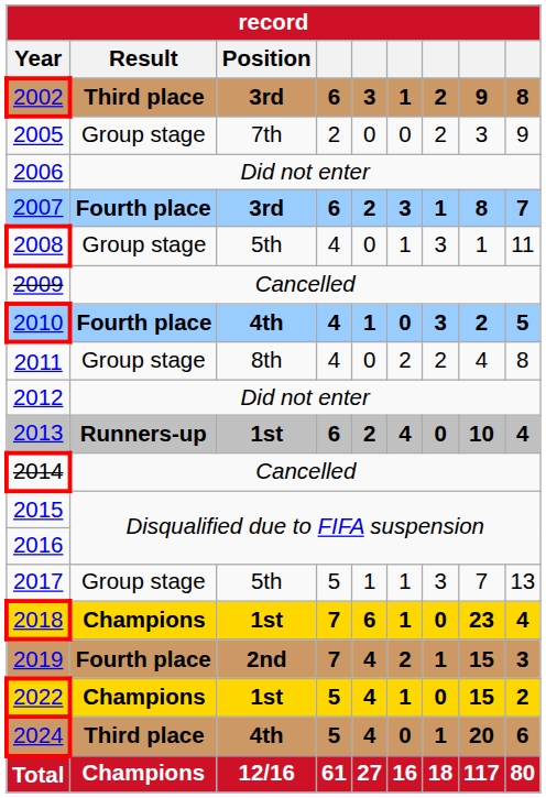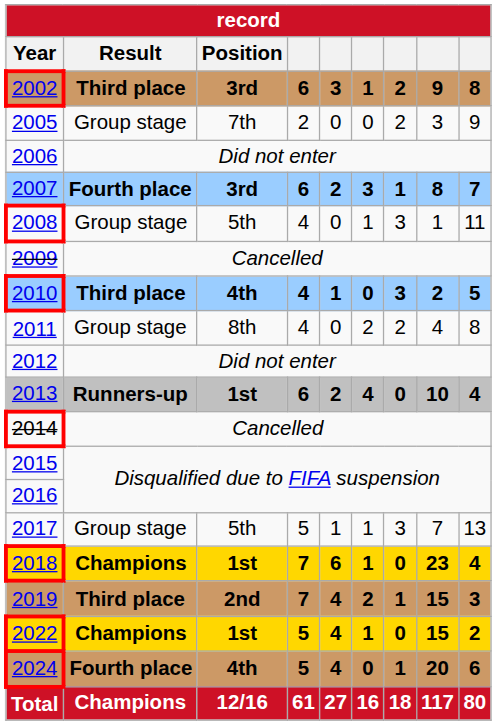 <table class="wikitable" style="text-align: center;">
 <tr>
 <th colspan=9 style="background: #CE1126; color: #FFFFFF;"><a href='#'></a> record</th>
 </tr>
 <tr>
 <th>Year</th>
 <th>Result</th>
 <th>Position</th>
 <th></th>
 <th></th>
 <th></th>
 <th></th>
 <th></th>
 <th></th>
 </tr>
 <tr bgcolor=#cc9966>
 <td style="border: 3px solid red">  <a href='#'>2002</a></td>
 <td><strong>Third place</strong></td>
 <td><strong>3rd</strong></td>
 <td><strong>6</strong></td>
 <td><strong>3</strong></td>
 <td><strong>1</strong></td>
 <td><strong>2</strong></td>
 <td><strong>9</strong></td>
 <td><strong>8</strong></td>
 </tr>
 <tr>
 <td> <a href='#'>2005</a></td>
 <td>Group stage</td>
 <td>7th</td>
 <td>2</td>
 <td>0</td>
 <td>0</td>
 <td>2</td>
 <td>3</td>
 <td>9</td>
 </tr>
 <tr>
 <td> <a href='#'>2006</a></td>
 <td colspan=8><em>Did not enter</em></td>
 </tr>
 <tr style="background:#9acdff;">
 <td> <a href='#'>2007</a></td>
 <td><strong>Fourth place</strong></td>
 <td><strong>3rd</strong></td>
 <td><strong>6</strong></td>
 <td><strong>2</strong></td>
 <td><strong>3</strong></td>
 <td><strong>1</strong></td>
 <td><strong>8</strong></td>
 <td><strong>7</strong></td>
 </tr>
 <tr>
 <td style="border: 3px solid red"> <a href='#'>2008</a></td>
 <td>Group stage</td>
 <td>5th</td>
 <td>4</td>
 <td>0</td>
 <td>1</td>
 <td>3</td>
 <td>1</td>
 <td>11</td>
 </tr>
 <tr>
 <td> <s><a href='#'>2009</a></s></td>
 <td colspan=8><em>Cancelled</em></td>
 </tr>
 <tr style="background:#9acdff;">
 <td style="border: 3px solid red"> <a href='#'>2010</a></td>
-<td><strong>Fourth place</strong></td>
+<td><strong>Third place</strong></td>
 <td><strong>4th</strong></td>
 <td><strong>4</strong></td>
 <td><strong>1</strong></td>
 <td><strong>0</strong></td>
 <td><strong>3</strong></td>
 <td><strong>2</strong></td>
 <td><strong>5</strong></td>
 </tr>
 <tr>
 <td> <a href='#'>2011</a></td>
 <td>Group stage</td>
 <td>8th</td>
 <td>4</td>
 <td>0</td>
 <td>2</td>
 <td>2</td>
 <td>4</td>
 <td>8</td>
 </tr>
 <tr>
 <td> <a href='#'>2012</a></td>
 <td colspan=8><em>Did not enter</em></td>
 </tr>
 <tr bgcolor=#C0C0C0>
 <td> <a href='#'>2013</a></td>
 <td><strong>Runners-up</strong></td>
 <td><strong>1st</strong></td>
 <td><strong>6</strong></td>
 <td><strong>2</strong></td>
 <td><strong>4</strong></td>
 <td><strong>0</strong></td>
 <td><strong>10</strong></td>
 <td><strong>4</strong></td>
 </tr>
 <tr>
 <td style="border: 3px solid red"> <s>2014</s></td>
 <td colspan=8><em>Cancelled</em></td>
 </tr>
 <tr>
 <td> <a href='#'>2015</a></td>
 <td rowspan=2 colspan=8><em>Disqualified due to <a href='#'>FIFA</a> suspension</em></td>
 </tr>
 <tr>
 <td> <a href='#'>2016</a></td>
 </tr>
 <tr>
 <td> <a href='#'>2017</a></td>
 <td>Group stage</td>
 <td>5th</td>
 <td>5</td>
 <td>1</td>
 <td>1</td>
 <td>3</td>
 <td>7</td>
 <td>13</td>
 </tr>
 <tr style="background:gold;">
 <td style="border: 3px solid red"> <a href='#'>2018</a></td>
 <td><strong>Champions</strong></td>
 <td><strong>1st</strong></td>
 <td><strong>7</strong></td>
 <td><strong>6</strong></td>
 <td><strong>1</strong></td>
 <td><strong>0</strong></td>
 <td><strong>23</strong></td>
 <td><strong>4</strong></td>
 </tr>
 <tr bgcolor=#cc9966>
 <td> <a href='#'>2019</a></td>
-<td><strong>Fourth place</strong></td>
+<td><strong>Third place</strong></td>
 <td><strong>2nd</strong></td>
 <td><strong>7</strong></td>
 <td><strong>4</strong></td>
 <td><strong>2</strong></td>
 <td><strong>1</strong></td>
 <td><strong>15</strong></td>
 <td><strong>3</strong></td>
 </tr>
 <tr style="background:gold;">
 <td style="border: 3px solid red"> <a href='#'>2022</a></td>
 <td><strong>Champions</strong></td>
 <td><strong>1st</strong></td>
 <td><strong>5</strong></td>
 <td><strong>4</strong></td>
 <td><strong>1</strong></td>
 <td><strong>0</strong></td>
 <td><strong>15</strong></td>
 <td><strong>2</strong></td>
 </tr>
 <tr bgcolor=#cc9966>
 <td style="border: 3px solid red"> <a href='#'>2024</a></td>
-<td><strong>Third place</strong></td>
+<td><strong>Fourth place</strong></td>
 <td><strong>4th</strong></td>
 <td><strong>5</strong></td>
 <td><strong>4</strong></td>
 <td><strong>0</strong></td>
 <td><strong>1</strong></td>
 <td><strong>20</strong></td>
 <td><strong>6</strong></td>
 </tr>
 <tr style="background: #CE1126; color: #FFFFFF;|">
 <td><strong>Total</strong></td>
 <td><strong>Champions</strong></td>
 <td><strong>12/16</strong></td>
 <td><strong>61</strong></td>
 <td><strong>27</strong></td>
 <td><strong>16</strong></td>
 <td><strong>18</strong></td>
 <td><strong>117</strong></td>
 <td><strong>80</strong></td>
 </tr>
 </table>
